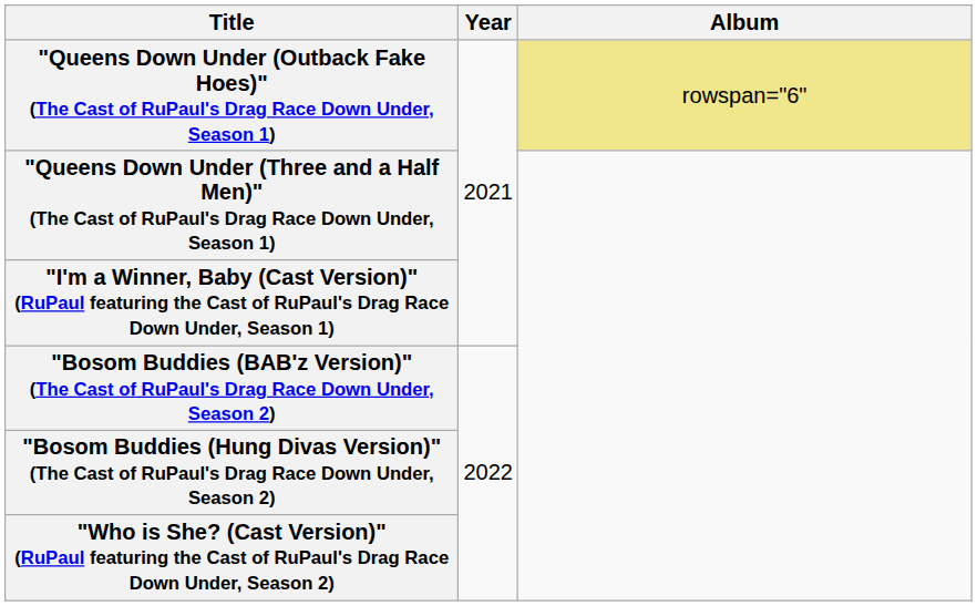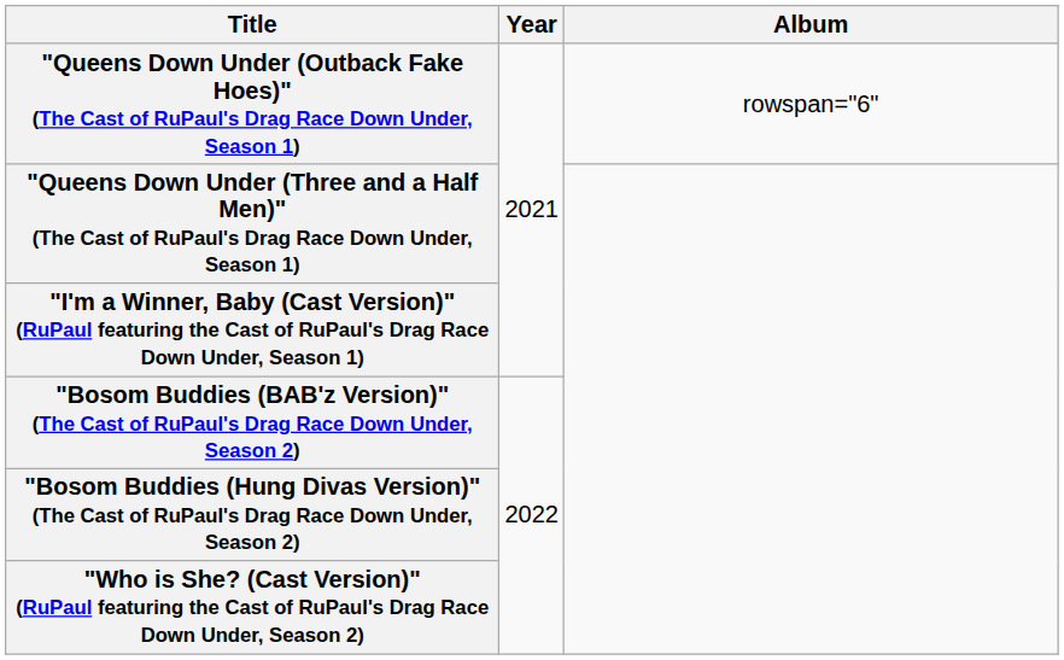 <table class="wikitable plainrowheaders" style="text-align:center;">
 <tr>
 <th style="width:20em;">Title</th>
 <th style="width:1em;">Year</th>
 <th style="width:20em;">Album</th>
 </tr>
 <tr>
 <th scope="row">"Queens Down Under (Outback Fake Hoes)"<br><small>(<a href='#'>The Cast of RuPaul's Drag Race Down Under, Season 1</a>)</small></th>
 <td rowspan="3">2021</td>
-<td style="background: khaki;">rowspan="6" </td>
+<td>rowspan="6" </td>
 </tr>
 <tr>
 <th scope="row">"Queens Down Under (Three and a Half Men)"<br><small>(The Cast of RuPaul's Drag Race Down Under, Season 1)</small></th>
 </tr>
 <tr>
 <th scope="row">"I'm a Winner, Baby (Cast Version)"<br><small>(<a href='#'>RuPaul</a> featuring the Cast of RuPaul's Drag Race Down Under, Season 1)</small></th>
 </tr>
 <tr>
 <th scope="row">"Bosom Buddies (BAB'z Version)"<br><small>(<a href='#'>The Cast of RuPaul's Drag Race Down Under, Season 2</a>)</small></th>
 <td rowspan="3">2022</td>
 </tr>
 <tr>
 <th scope="row">"Bosom Buddies (Hung Divas Version)"<br><small>(The Cast of RuPaul's Drag Race Down Under, Season 2)</small></th>
 </tr>
 <tr>
 <th scope="row">"Who is She? (Cast Version)"<br><small>(<a href='#'>RuPaul</a> featuring the Cast of RuPaul's Drag Race Down Under, Season 2)</small></th>
 </tr>
 </table>
